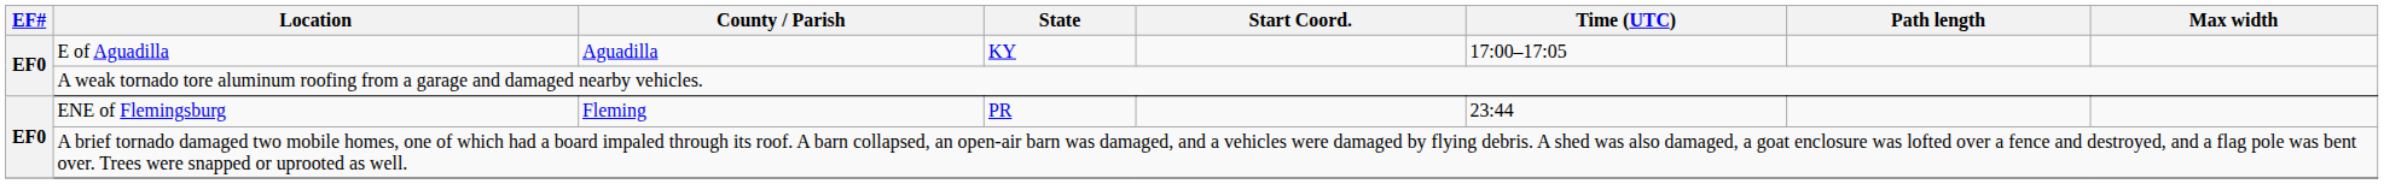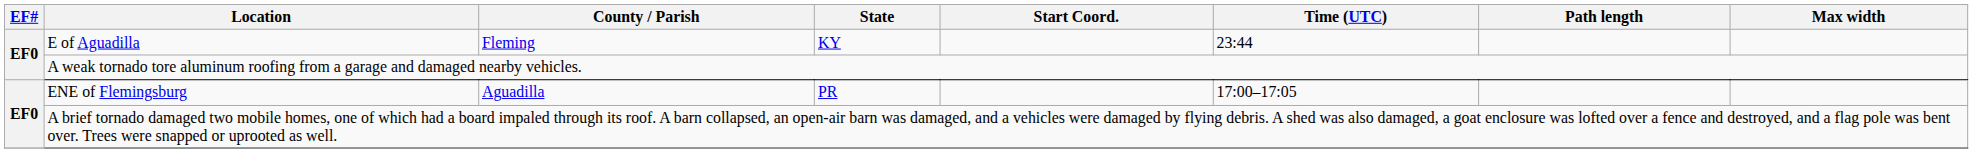 <table class="wikitable sortable" style="width:100%;">
 <tr>
 <th scope="col" width="2%" align="center"><a href='#'>EF#</a></th>
 <th scope="col" align="center" class="unsortable">Location</th>
 <th scope="col" align="center" class="unsortable">County / Parish</th>
 <th scope="col" align="center">State</th>
 <th scope="col" align="center">Start Coord.</th>
 <th scope="col" align="center">Time (<a href='#'>UTC</a>)</th>
 <th scope="col" align="center">Path length</th>
 <th scope="col" align="center">Max width</th>
 </tr>
 <tr>
 <th scope="row" rowspan="2" style="background-color:#">EF0</th>
 <td>E of <a href='#'>Aguadilla</a></td>
-<td><a href='#'>Aguadilla</a></td>
+<td><a href='#'>Fleming</a></td>
 <td><a href='#'>KY</a></td>
 <td></td>
-<td>17:00–17:05</td>
+<td>23:44</td>
 <td></td>
 <td></td>
 </tr>
 <tr class="expand-child">
 <td colspan="8" style=" border-bottom: 1px solid black;">A weak tornado tore aluminum roofing from a garage and damaged nearby vehicles.</td>
 </tr>
 <tr>
 <th scope="row" rowspan="2" style="background-color:#">EF0</th>
 <td>ENE of <a href='#'>Flemingsburg</a></td>
-<td><a href='#'>Fleming</a></td>
+<td><a href='#'>Aguadilla</a></td>
 <td><a href='#'>PR</a></td>
 <td></td>
-<td>23:44</td>
+<td>17:00–17:05</td>
 <td></td>
 <td></td>
 </tr>
 <tr class="expand-child">
 <td colspan="8" style=" border-bottom: 1px solid black;">A brief tornado damaged two mobile homes, one of which had a board impaled through its roof. A barn collapsed, an open-air barn was damaged, and a vehicles were damaged by flying debris. A shed was also damaged, a goat enclosure was lofted over a fence and destroyed, and a flag pole was bent over. Trees were snapped or uprooted as well.</td>
 </tr>
 <tr>
 </tr>
 </table>
